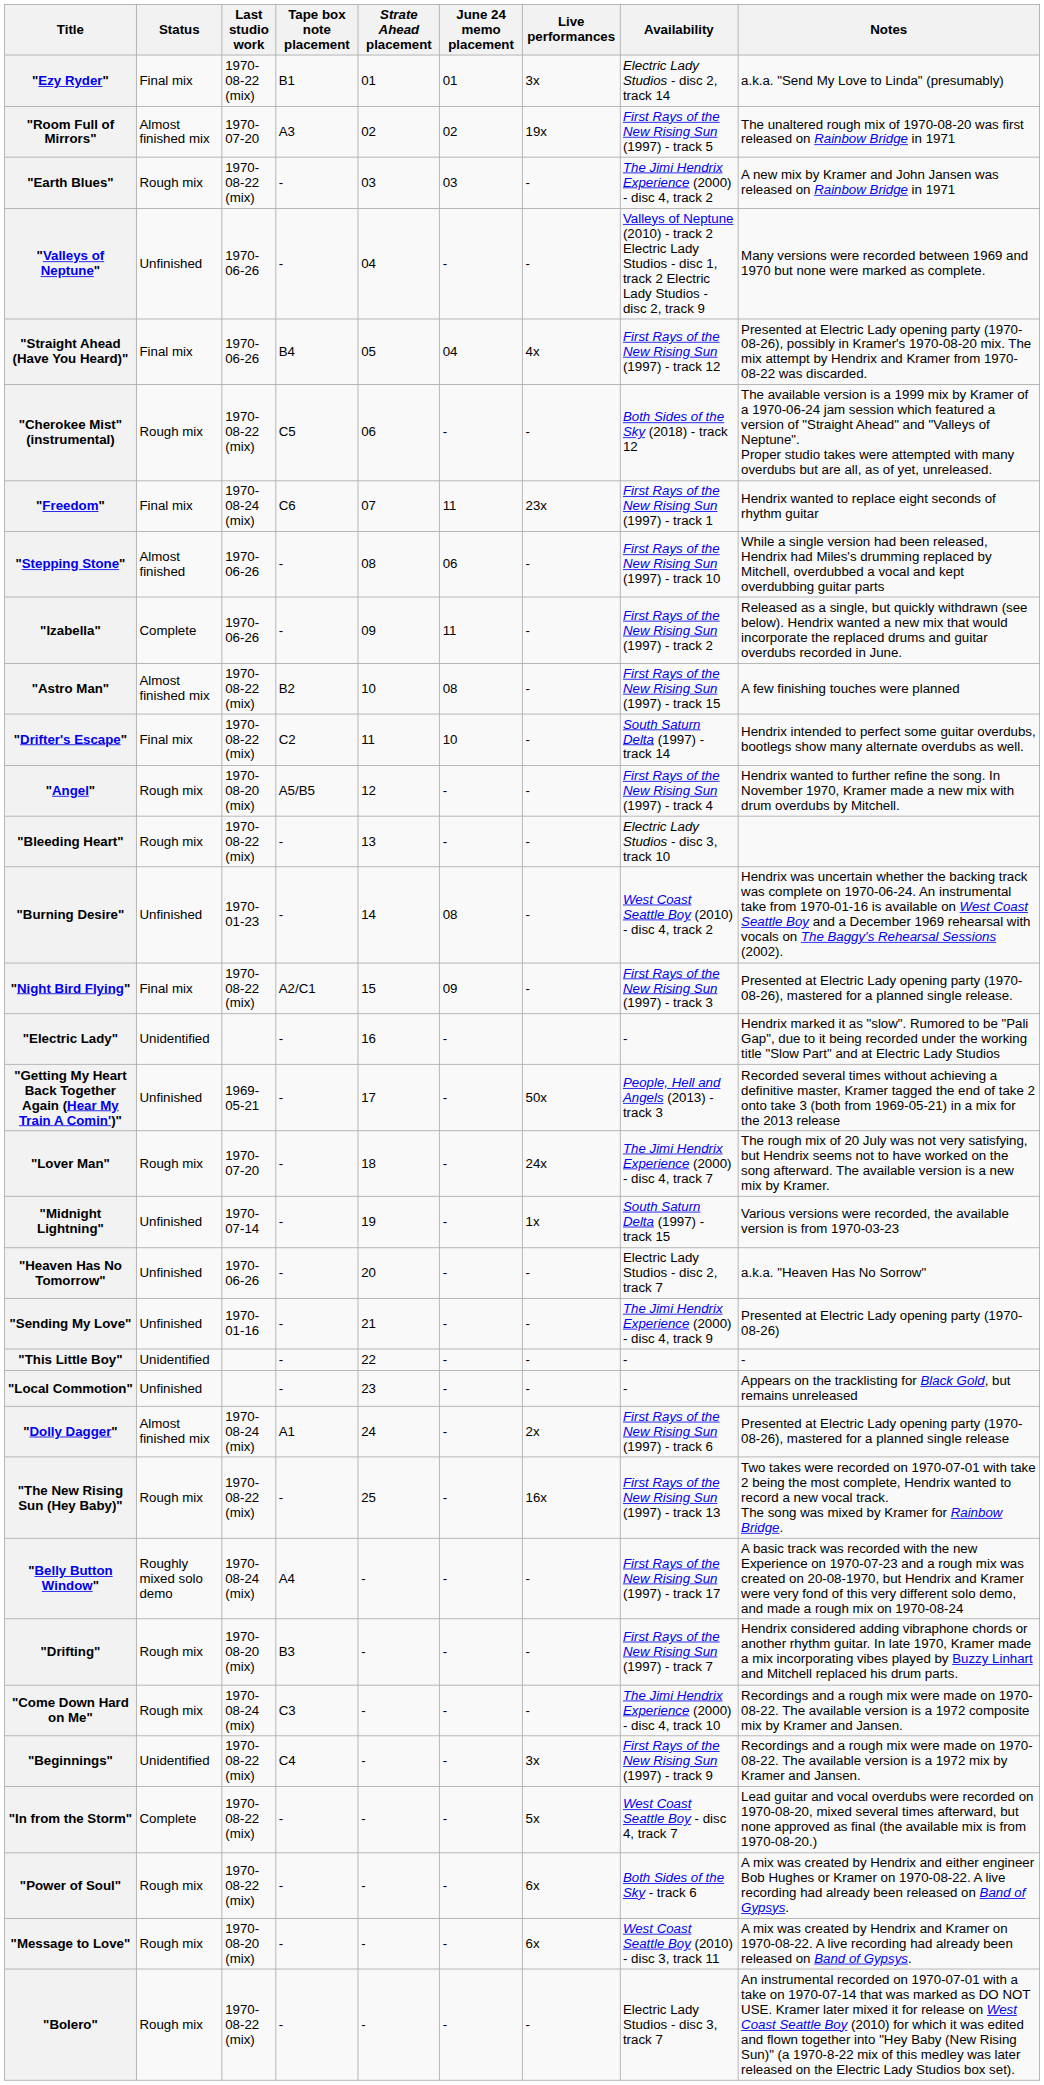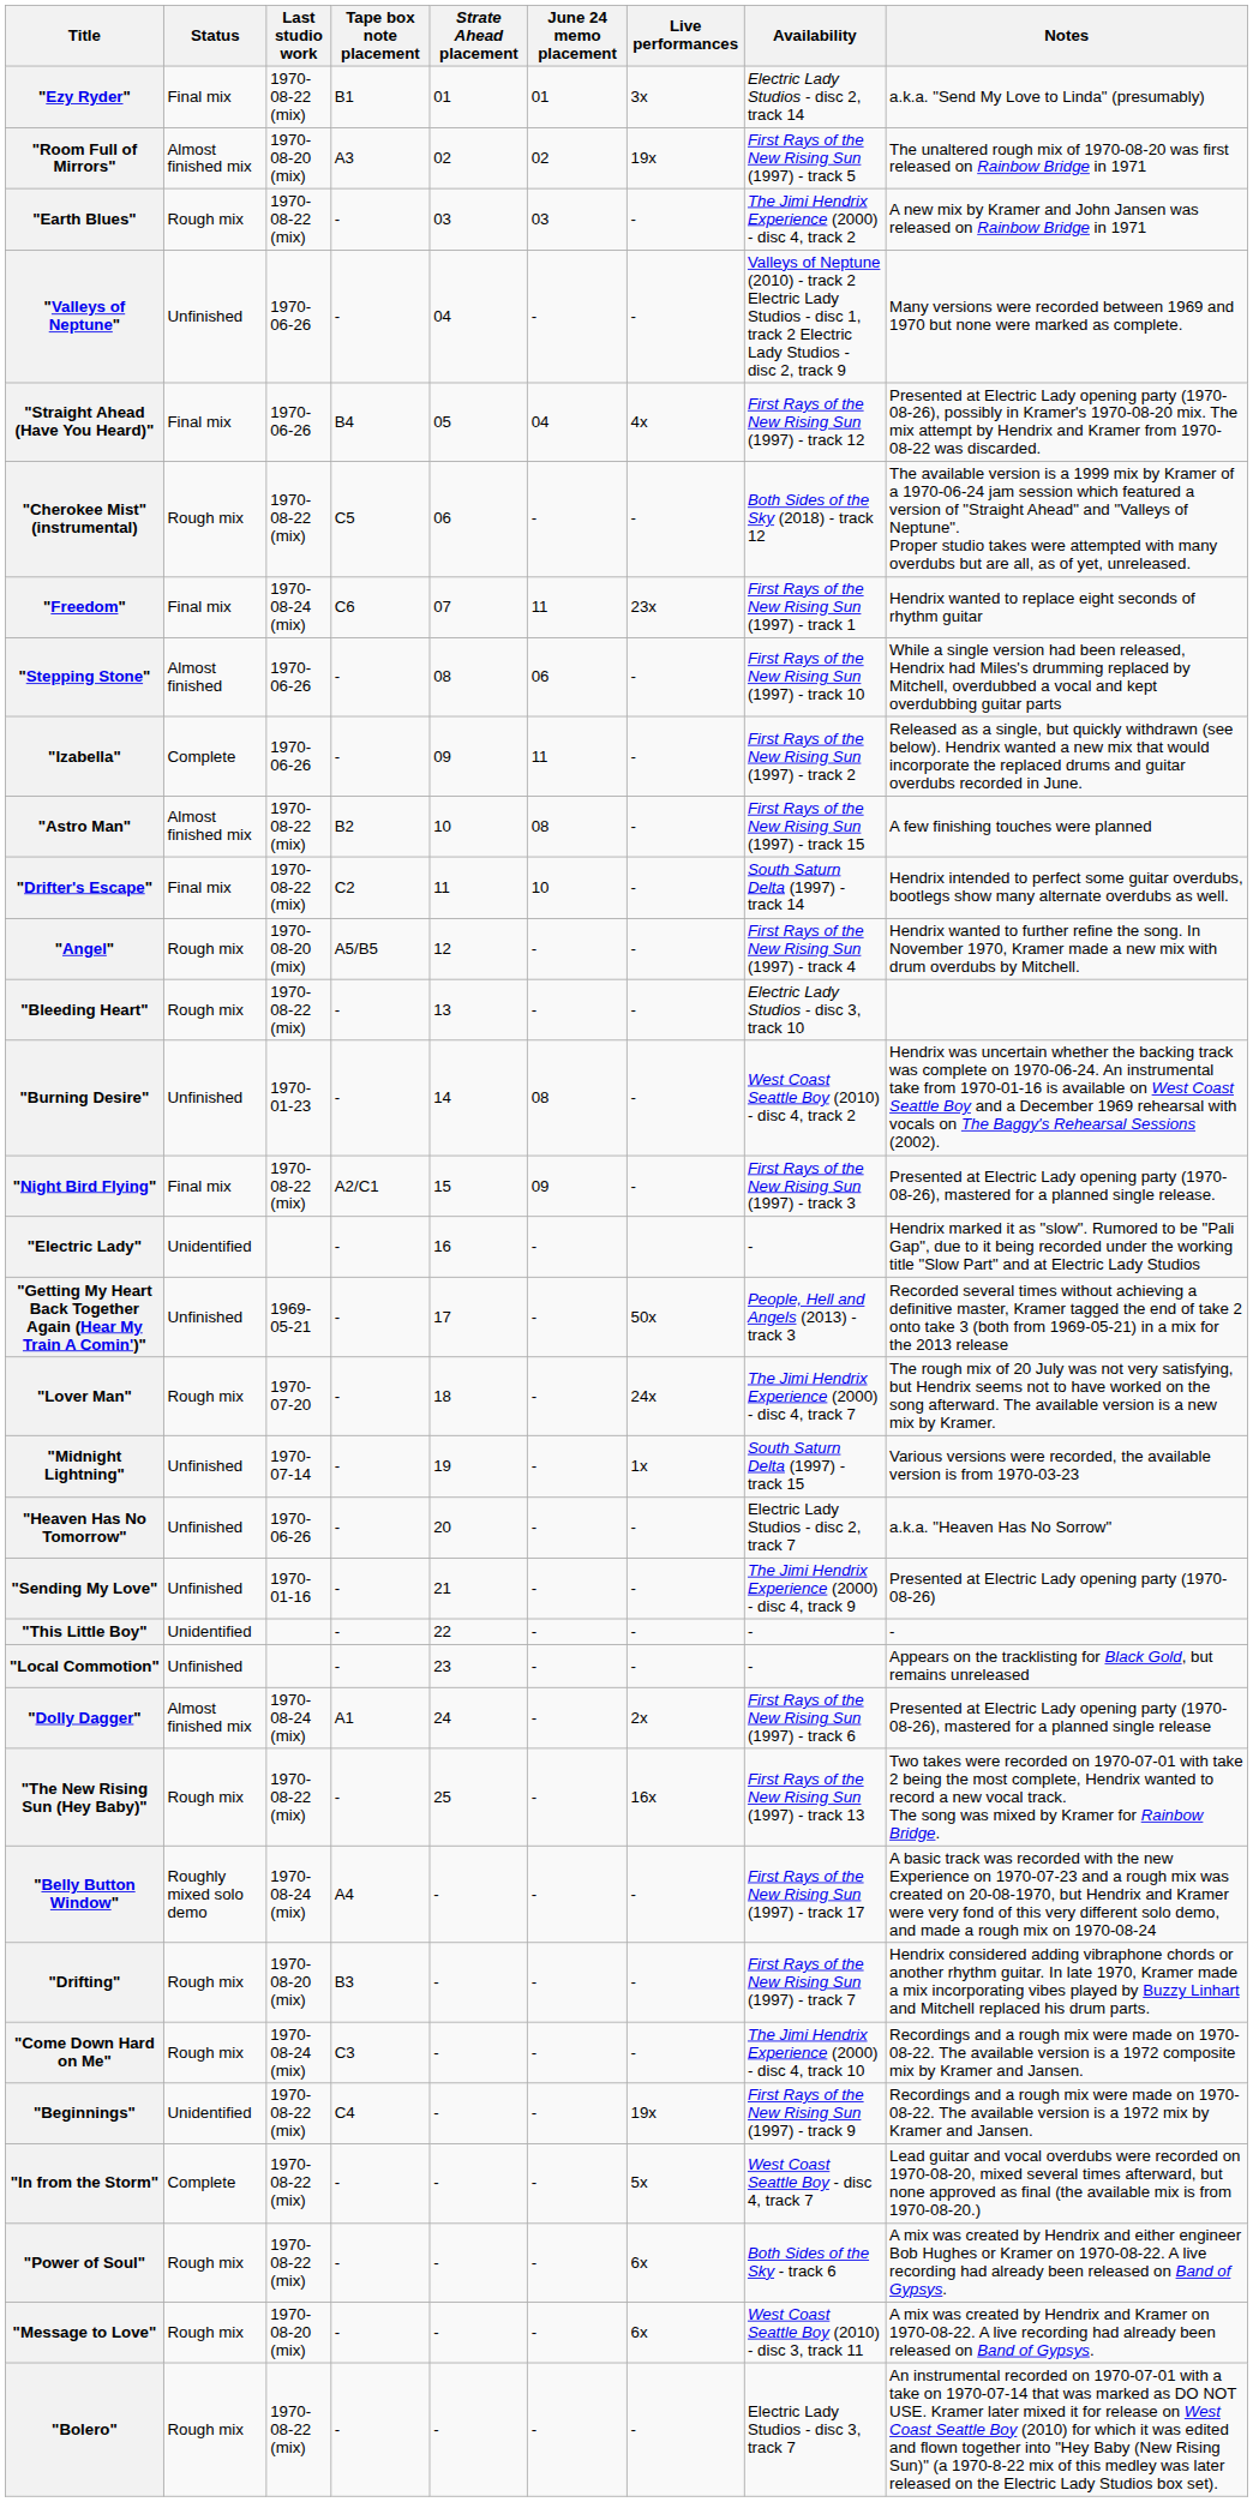 <table class="wikitable sortable plainrowheaders">
 <tr>
 <th scope="col">Title</th>
 <th scope="col">Status</th>
 <th scope="col">Last studio work</th>
 <th scope="col">Tape box note placement</th>
 <th scope="col"><em>Strate Ahead</em> placement</th>
 <th scope="col">June 24 memo placement</th>
 <th scope="col">Live performances</th>
 <th scope="col">Availability</th>
 <th scope="col">Notes</th>
 </tr>
 <tr>
 <th scope="row">"<a href='#'>Ezy Ryder</a>"</th>
 <td>Final mix</td>
 <td>1970-08-22 (mix)</td>
 <td>B1</td>
 <td>01</td>
 <td>01</td>
 <td>3x</td>
 <td><em>Electric Lady Studios</em> - disc 2, track 14</td>
 <td>a.k.a. "Send My Love to Linda" (presumably)</td>
 </tr>
 <tr>
 <th scope="row">"Room Full of Mirrors"</th>
 <td>Almost finished mix</td>
-<td>1970-07-20</td>
+<td>1970-08-20 (mix)</td>
 <td>A3</td>
 <td>02</td>
 <td>02</td>
 <td>19x</td>
 <td><em><a href='#'>First Rays of the New Rising Sun</a></em> (1997) - track 5</td>
 <td>The unaltered rough mix of 1970-08-20 was first released on <em><a href='#'>Rainbow Bridge</a></em> in 1971</td>
 </tr>
 <tr>
 <th scope="row">"Earth Blues"</th>
 <td>Rough mix</td>
 <td>1970-08-22 (mix)</td>
 <td>-</td>
 <td>03</td>
 <td>03</td>
 <td>-</td>
 <td><em><a href='#'>The Jimi Hendrix Experience</a></em> (2000) - disc 4, track 2</td>
 <td>A new mix by Kramer and John Jansen was released on <em><a href='#'>Rainbow Bridge</a></em> in 1971</td>
 </tr>
 <tr>
 <th scope="row">"<a href='#'>Valleys of Neptune</a>"</th>
 <td>Unfinished</td>
 <td>1970-06-26</td>
 <td>-</td>
 <td>04</td>
 <td>-</td>
 <td>-</td>
 <td><a href='#'>Valleys of Neptune</a> (2010) - track 2<br>Electric Lady Studios - disc 1, track 2 Electric Lady Studios - disc 2, track 9</td>
 <td>Many versions were recorded between 1969 and 1970 but none were marked as complete.</td>
 </tr>
 <tr>
 <th scope="row">"Straight Ahead (Have You Heard)"</th>
 <td>Final mix</td>
 <td>1970-06-26</td>
 <td>B4</td>
 <td>05</td>
 <td>04</td>
 <td>4x</td>
 <td><em><a href='#'>First Rays of the New Rising Sun</a></em> (1997) - track 12</td>
 <td>Presented at Electric Lady opening party (1970-08-26), possibly in Kramer's 1970-08-20 mix. The mix attempt by Hendrix and Kramer from 1970-08-22 was discarded.</td>
 </tr>
 <tr>
 <th scope="row">"Cherokee Mist" (instrumental)</th>
 <td>Rough mix</td>
 <td>1970-08-22 (mix)</td>
 <td>C5</td>
 <td>06</td>
 <td>-</td>
 <td>-</td>
 <td><em><a href='#'>Both Sides of the Sky</a></em> (2018) - track 12</td>
 <td>The available version is a 1999 mix by Kramer of a 1970-06-24 jam session which featured a version of "Straight Ahead" and "Valleys of Neptune".<br>Proper studio takes were attempted with many overdubs but are all, as of yet, unreleased.</td>
 </tr>
 <tr>
 <th scope="row">"<a href='#'>Freedom</a>"</th>
 <td>Final mix</td>
 <td>1970-08-24 (mix)</td>
 <td>C6</td>
 <td>07</td>
 <td>11</td>
 <td>23x</td>
 <td><em><a href='#'>First Rays of the New Rising Sun</a></em> (1997) - track 1</td>
 <td>Hendrix wanted to replace eight seconds of rhythm guitar</td>
 </tr>
 <tr>
 <th scope="row">"<a href='#'>Stepping Stone</a>"</th>
 <td>Almost finished</td>
 <td>1970-06-26</td>
 <td>-</td>
 <td>08</td>
 <td>06</td>
 <td>-</td>
 <td><em><a href='#'>First Rays of the New Rising Sun</a></em> (1997) - track 10</td>
 <td>While a single version had been released, Hendrix had Miles's drumming replaced by Mitchell, overdubbed a vocal and kept overdubbing guitar parts</td>
 </tr>
 <tr>
 <th scope="row">"Izabella"</th>
 <td>Complete</td>
 <td>1970-06-26</td>
 <td>-</td>
 <td>09</td>
 <td>11</td>
 <td>-</td>
 <td><em><a href='#'>First Rays of the New Rising Sun</a></em> (1997) - track 2</td>
 <td>Released as a single, but quickly withdrawn (see below). Hendrix wanted a new mix that would incorporate the replaced drums and guitar overdubs recorded in June.</td>
 </tr>
 <tr>
 <th scope="row">"Astro Man"</th>
 <td>Almost finished mix</td>
 <td>1970-08-22 (mix)</td>
 <td>B2</td>
 <td>10</td>
 <td>08</td>
 <td>-</td>
 <td><em><a href='#'>First Rays of the New Rising Sun</a></em> (1997) - track 15</td>
 <td>A few finishing touches were planned</td>
 </tr>
 <tr>
 <th scope="row">"<a href='#'>Drifter's Escape</a>"</th>
 <td>Final mix</td>
 <td>1970-08-22 (mix)</td>
 <td>C2</td>
 <td>11</td>
 <td>10</td>
 <td>-</td>
 <td><em><a href='#'>South Saturn Delta</a></em> (1997) - track 14</td>
 <td>Hendrix intended to perfect some guitar overdubs, bootlegs show many alternate overdubs as well.</td>
 </tr>
 <tr>
 <th scope="row">"<a href='#'>Angel</a>"</th>
 <td>Rough mix</td>
 <td>1970-08-20 (mix)</td>
 <td>A5/B5</td>
 <td>12</td>
 <td>-</td>
 <td>-</td>
 <td><em><a href='#'>First Rays of the New Rising Sun</a></em> (1997) - track 4</td>
 <td>Hendrix wanted to further refine the song. In November 1970, Kramer made a new mix with drum overdubs by Mitchell.</td>
 </tr>
 <tr>
 <th scope="row">"Bleeding Heart"</th>
 <td>Rough mix</td>
 <td>1970-08-22 (mix)</td>
 <td>-</td>
 <td>13</td>
 <td>-</td>
 <td>-</td>
 <td><em>Electric Lady Studios</em> - disc 3, track 10</td>
 <td></td>
 </tr>
 <tr>
 <th scope="row">"Burning Desire"</th>
 <td>Unfinished</td>
 <td>1970-01-23</td>
 <td>-</td>
 <td>14</td>
 <td>08</td>
 <td>-</td>
 <td><em><a href='#'>West Coast Seattle Boy</a></em> (2010) - disc 4, track 2</td>
 <td>Hendrix was uncertain whether the backing track was complete on 1970-06-24. An instrumental take from 1970-01-16 is available on <em><a href='#'>West Coast Seattle Boy</a></em> and a December 1969 rehearsal with vocals on <em><a href='#'>The Baggy's Rehearsal Sessions</a></em> (2002).</td>
 </tr>
 <tr>
 <th scope="row">"<a href='#'>Night Bird Flying</a>"</th>
 <td>Final mix</td>
 <td>1970-08-22 (mix)</td>
 <td>A2/C1</td>
 <td>15</td>
 <td>09</td>
 <td>-</td>
 <td><em><a href='#'>First Rays of the New Rising Sun</a></em> (1997) - track 3</td>
 <td>Presented at Electric Lady opening party (1970-08-26), mastered for a planned single release.</td>
 </tr>
 <tr>
 <th scope="row">"Electric Lady"</th>
 <td>Unidentified</td>
 <td></td>
 <td>-</td>
 <td>16</td>
 <td>-</td>
 <td></td>
 <td>-</td>
 <td>Hendrix marked it as "slow". Rumored to be "Pali Gap", due to it being recorded under the working title "Slow Part" and at Electric Lady Studios</td>
 </tr>
 <tr>
 <th scope="row">"Getting My Heart Back Together Again (<a href='#'>Hear My Train A Comin'</a>)"</th>
 <td>Unfinished</td>
 <td>1969-05-21</td>
 <td>-</td>
 <td>17</td>
 <td>-</td>
 <td>50x</td>
 <td><em><a href='#'>People, Hell and Angels</a></em> (2013) - track 3</td>
 <td>Recorded several times without achieving a definitive master, Kramer tagged the end of take 2 onto take 3 (both from 1969-05-21) in a mix for the 2013 release</td>
 </tr>
 <tr>
 <th scope="row">"Lover Man"</th>
 <td>Rough mix</td>
 <td>1970-07-20</td>
 <td>-</td>
 <td>18</td>
 <td>-</td>
 <td>24x</td>
 <td><em><a href='#'>The Jimi Hendrix Experience</a></em> (2000) - disc 4, track 7</td>
 <td>The rough mix of 20 July was not very satisfying, but Hendrix seems not to have worked on the song afterward. The available version is a new mix by Kramer.</td>
 </tr>
 <tr>
 <th scope="row">"Midnight Lightning"</th>
 <td>Unfinished</td>
 <td>1970-07-14</td>
 <td>-</td>
 <td>19</td>
 <td>-</td>
 <td>1x</td>
 <td><em><a href='#'>South Saturn Delta</a></em> (1997) - track 15</td>
 <td>Various versions were recorded, the available version is from 1970-03-23</td>
 </tr>
 <tr>
 <th scope="row">"Heaven Has No Tomorrow"</th>
 <td>Unfinished</td>
 <td>1970-06-26</td>
 <td>-</td>
 <td>20</td>
 <td>-</td>
 <td>-</td>
 <td>Electric Lady Studios - disc 2, track 7</td>
 <td>a.k.a. "Heaven Has No Sorrow"</td>
 </tr>
 <tr>
 <th scope="row">"Sending My Love"</th>
 <td>Unfinished</td>
 <td>1970-01-16</td>
 <td>-</td>
 <td>21</td>
 <td>-</td>
 <td>-</td>
 <td><em><a href='#'>The Jimi Hendrix Experience</a></em> (2000) - disc 4, track 9</td>
 <td>Presented at Electric Lady opening party (1970-08-26)</td>
 </tr>
 <tr>
 <th scope="row">"This Little Boy"</th>
 <td>Unidentified</td>
 <td></td>
 <td>-</td>
 <td>22</td>
 <td>-</td>
 <td>-</td>
 <td>-</td>
 <td>-</td>
 </tr>
 <tr>
 <th scope="row">"Local Commotion"</th>
 <td>Unfinished</td>
 <td></td>
 <td>-</td>
 <td>23</td>
 <td>-</td>
 <td>-</td>
 <td>-</td>
 <td>Appears on the tracklisting for <em><a href='#'>Black Gold</a></em>, but remains unreleased</td>
 </tr>
 <tr>
 <th scope="row">"<a href='#'>Dolly Dagger</a>"</th>
 <td>Almost finished mix</td>
 <td>1970-08-24 (mix)</td>
 <td>A1</td>
 <td>24</td>
 <td>-</td>
 <td>2x</td>
 <td><em><a href='#'>First Rays of the New Rising Sun</a></em> (1997) - track 6</td>
 <td>Presented at Electric Lady opening party (1970-08-26), mastered for a planned single release</td>
 </tr>
 <tr>
 <th scope="row">"The New Rising Sun (Hey Baby)"</th>
 <td>Rough mix</td>
 <td>1970-08-22 (mix)</td>
 <td>-</td>
 <td>25</td>
 <td>-</td>
 <td>16x</td>
 <td><em><a href='#'>First Rays of the New Rising Sun</a></em> (1997) - track 13</td>
 <td>Two takes were recorded on 1970-07-01 with take 2 being the most complete, Hendrix wanted to record a new vocal track.<br>The song was mixed by Kramer for <em><a href='#'>Rainbow Bridge</a></em>.</td>
 </tr>
 <tr>
 <th scope="row">"<a href='#'>Belly Button Window</a>"</th>
 <td>Roughly mixed solo demo</td>
 <td>1970-08-24 (mix)</td>
 <td>A4</td>
 <td>-</td>
 <td>-</td>
 <td>-</td>
 <td><em><a href='#'>First Rays of the New Rising Sun</a></em> (1997) - track 17</td>
 <td>A  basic track was recorded with the new Experience on 1970-07-23 and a rough mix was created on 20-08-1970, but Hendrix and Kramer were very fond of this very different solo demo, and made a rough mix on 1970-08-24</td>
 </tr>
 <tr>
 <th scope="row">"Drifting"</th>
 <td>Rough mix</td>
 <td>1970-08-20 (mix)</td>
 <td>B3</td>
 <td>-</td>
 <td>-</td>
 <td>-</td>
 <td><em><a href='#'>First Rays of the New Rising Sun</a></em> (1997) - track 7</td>
 <td>Hendrix considered adding vibraphone chords or another rhythm guitar. In late 1970, Kramer made a mix incorporating vibes played by <a href='#'>Buzzy Linhart</a> and Mitchell replaced his drum parts.</td>
 </tr>
 <tr>
 <th scope="row">"Come Down Hard on Me"</th>
 <td>Rough mix</td>
 <td>1970-08-24 (mix)</td>
 <td>C3</td>
 <td>-</td>
 <td>-</td>
 <td>-</td>
 <td><em><a href='#'>The Jimi Hendrix Experience</a></em> (2000) - disc 4, track 10</td>
 <td>Recordings and a rough mix were made on 1970-08-22. The available version is a 1972 composite mix by Kramer and Jansen.</td>
 </tr>
 <tr>
 <th scope="row">"Beginnings"</th>
 <td>Unidentified</td>
 <td>1970-08-22 (mix)</td>
 <td>C4</td>
 <td>-</td>
 <td>-</td>
-<td>3x</td>
+<td>19x</td>
 <td><em><a href='#'>First Rays of the New Rising Sun</a></em> (1997) - track 9</td>
 <td>Recordings and a rough mix were made on 1970-08-22. The available version is a 1972 mix by Kramer and Jansen.</td>
 </tr>
 <tr>
 <th scope="row">"In from the Storm"</th>
 <td>Complete</td>
 <td>1970-08-22 (mix)</td>
 <td>-</td>
 <td>-</td>
 <td>-</td>
 <td>5x</td>
 <td><em><a href='#'>West Coast Seattle Boy</a></em> - disc 4, track 7</td>
 <td>Lead guitar and vocal overdubs were recorded on 1970-08-20, mixed several times afterward, but none approved as final (the available mix is from 1970-08-20.)</td>
 </tr>
 <tr>
 <th scope="row">"Power of Soul"</th>
 <td>Rough mix</td>
 <td>1970-08-22 (mix)</td>
 <td>-</td>
 <td>-</td>
 <td>-</td>
 <td>6x</td>
 <td><em><a href='#'>Both Sides of the Sky</a></em> - track 6</td>
 <td>A mix was created by Hendrix and either engineer Bob Hughes or Kramer on 1970-08-22. A live recording had already been released on <em><a href='#'>Band of Gypsys</a></em>.</td>
 </tr>
 <tr>
 <th scope="row">"Message to Love"</th>
 <td>Rough mix</td>
 <td>1970-08-20 (mix)</td>
 <td>-</td>
 <td>-</td>
 <td>-</td>
 <td>6x</td>
 <td><em><a href='#'>West Coast Seattle Boy</a></em> (2010) - disc 3, track 11</td>
 <td>A mix was created by Hendrix and Kramer on 1970-08-22. A live recording had already been released on <em><a href='#'>Band of Gypsys</a></em>.</td>
 </tr>
 <tr>
 <th scope="row">"Bolero"</th>
 <td>Rough mix</td>
 <td>1970-08-22 (mix)</td>
 <td>-</td>
 <td>-</td>
 <td>-</td>
 <td>-</td>
 <td>Electric Lady Studios - disc 3, track 7</td>
 <td>An instrumental recorded on 1970-07-01 with a take on 1970-07-14 that was marked as DO NOT USE. Kramer later mixed it for release on <em><a href='#'>West Coast Seattle Boy</a></em> (2010) for which it was edited and flown together into "Hey Baby (New Rising Sun)" (a 1970-8-22 mix of this medley was later released on the Electric Lady Studios box set).</td>
 </tr>
 </table>
